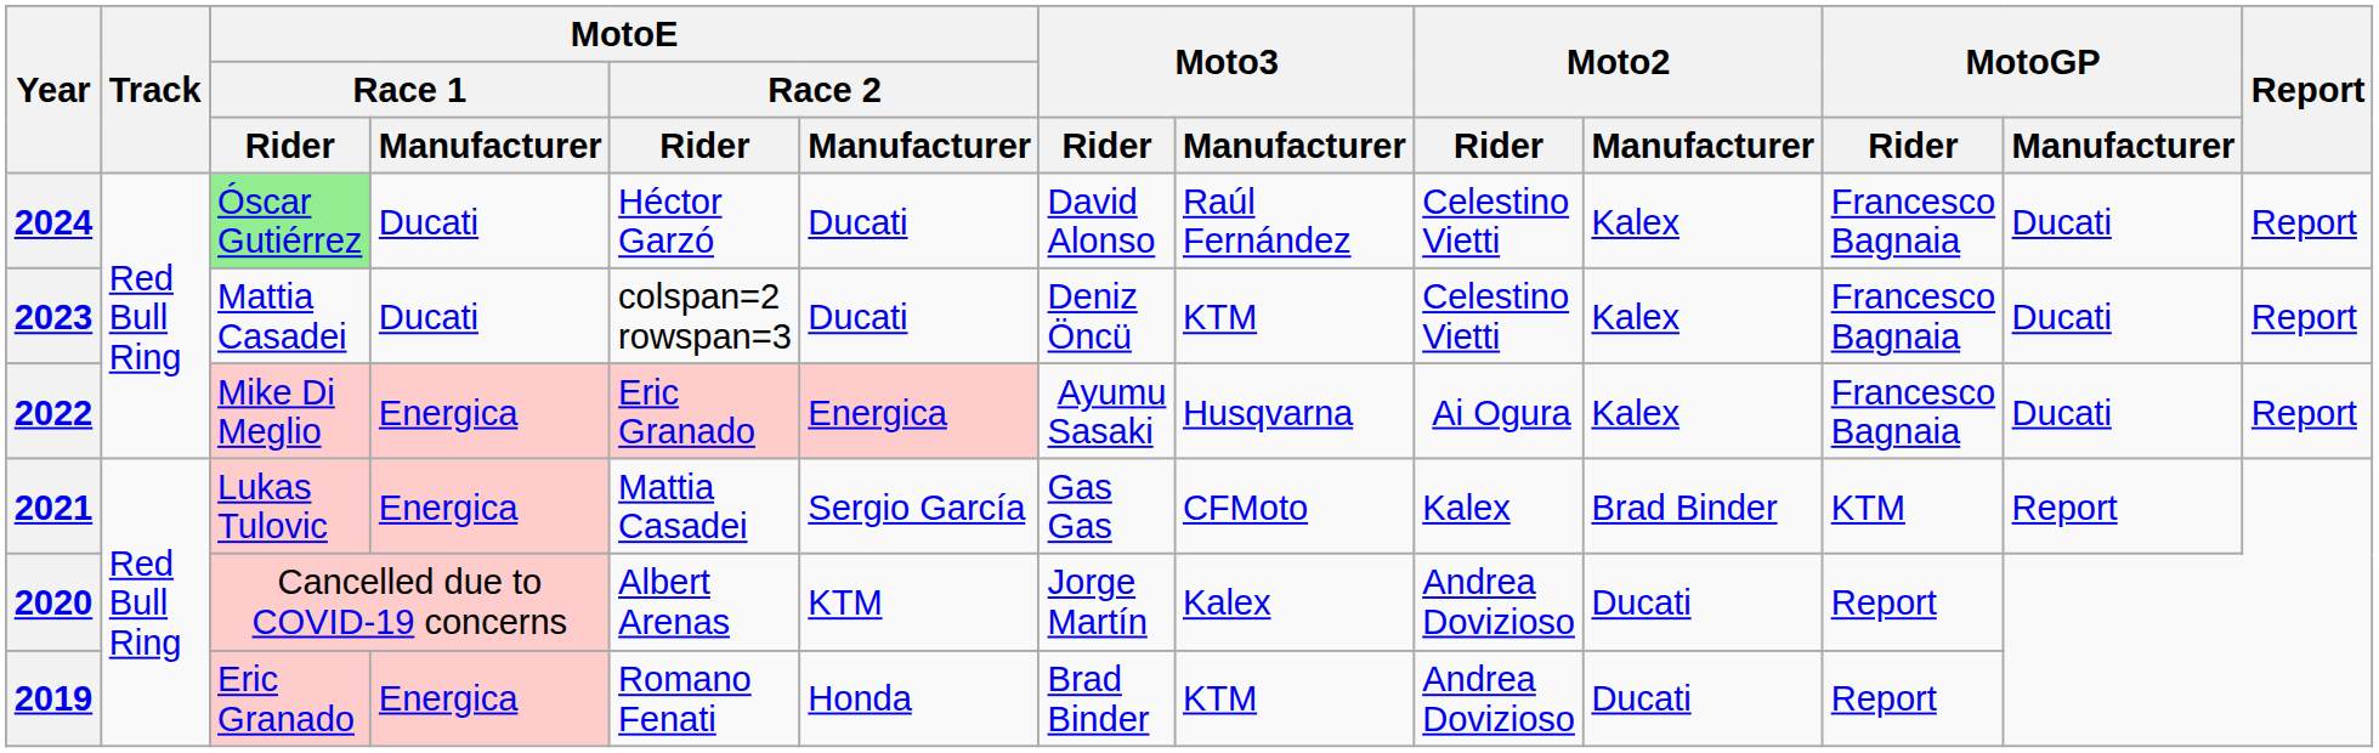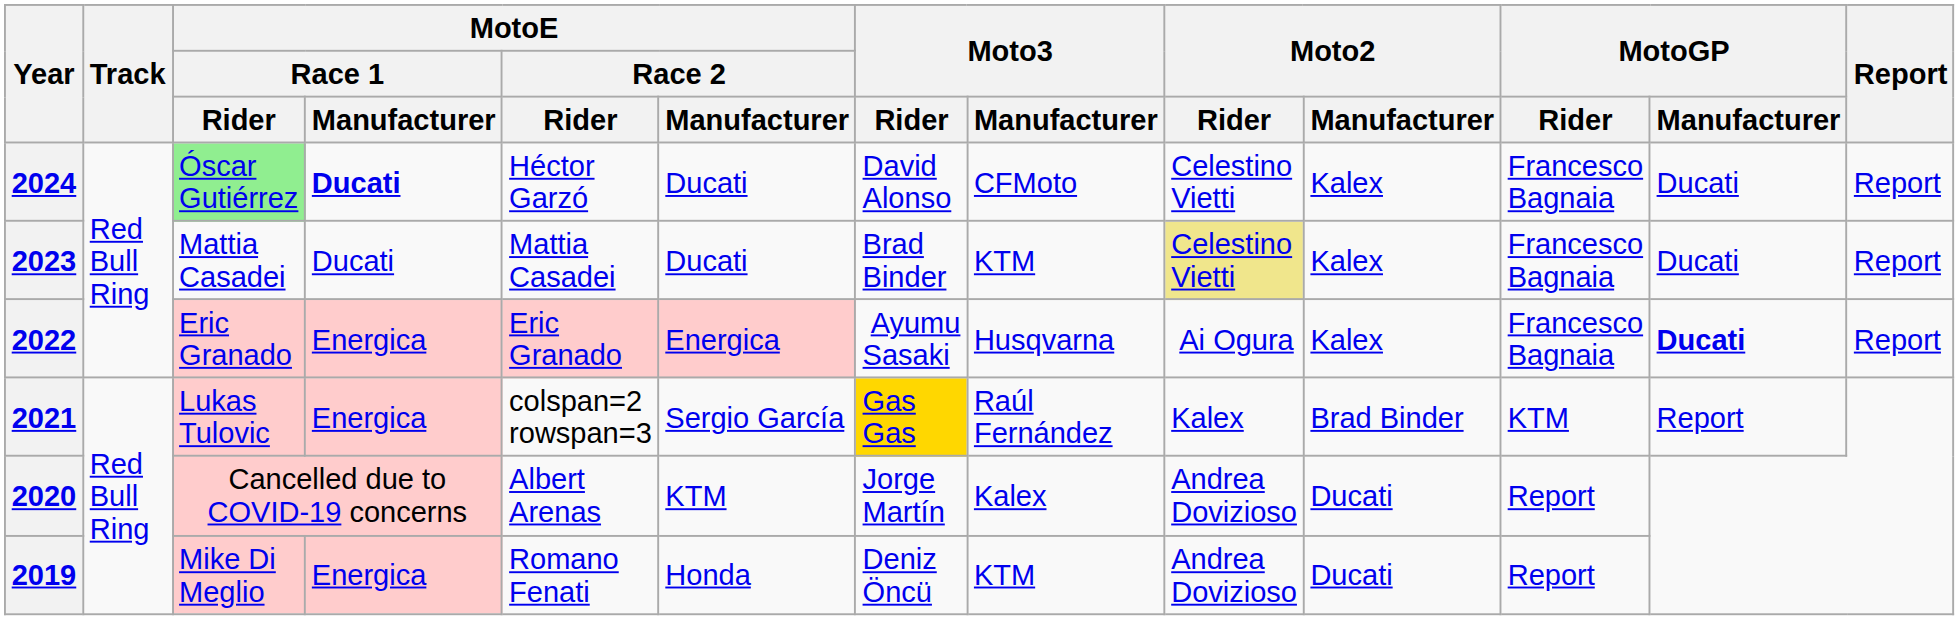 <table class="wikitable" style="font-size: 95%;">
 <tr>
 <th rowspan=3>Year</th>
 <th rowspan=3>Track</th>
 <th colspan=4>MotoE</th>
 <th colspan=2 rowspan=2>Moto3</th>
 <th colspan=2 rowspan=2>Moto2</th>
 <th colspan=2 rowspan=2>MotoGP</th>
 <th rowspan=3>Report</th>
 </tr>
 <tr>
 <th colspan=2>Race 1</th>
 <th colspan=2>Race 2</th>
 </tr>
 <tr>
 <th>Rider</th>
 <th>Manufacturer</th>
 <th>Rider</th>
 <th>Manufacturer</th>
 <th>Rider</th>
 <th>Manufacturer</th>
 <th>Rider</th>
 <th>Manufacturer</th>
 <th>Rider</th>
 <th>Manufacturer</th>
 </tr>
 <tr>
 <th><a href='#'>2024</a></th>
 <td rowspan=3><a href='#'>Red Bull Ring</a></td>
 <td style="background: lightgreen;"> <a href='#'>Óscar Gutiérrez</a></td>
-<td><a href='#'>Ducati</a></td>
+<td><strong><a href='#'>Ducati</a></strong></td>
 <td> <a href='#'>Héctor Garzó</a></td>
 <td><a href='#'>Ducati</a></td>
 <td> <a href='#'>David Alonso</a></td>
-<td> <a href='#'>Raúl Fernández</a></td>
+<td><a href='#'>CFMoto</a></td>
 <td> <a href='#'>Celestino Vietti</a></td>
 <td><a href='#'>Kalex</a></td>
 <td> <a href='#'>Francesco Bagnaia</a></td>
 <td><a href='#'>Ducati</a></td>
 <td><a href='#'>Report</a></td>
 </tr>
 <tr>
 <th><a href='#'>2023</a></th>
 <td> <a href='#'>Mattia Casadei</a></td>
 <td><a href='#'>Ducati</a></td>
-<td>colspan=2 rowspan=3</td>
+<td> <a href='#'>Mattia Casadei</a></td>
 <td><a href='#'>Ducati</a></td>
-<td> <a href='#'>Deniz Öncü</a></td>
+<td> <a href='#'>Brad Binder</a></td>
 <td><a href='#'>KTM</a></td>
-<td> <a href='#'>Celestino Vietti</a></td>
+<td style="background: khaki;"> <a href='#'>Celestino Vietti</a></td>
 <td><a href='#'>Kalex</a></td>
 <td> <a href='#'>Francesco Bagnaia</a></td>
 <td><a href='#'>Ducati</a></td>
 <td><a href='#'>Report</a></td>
 </tr>
 <tr>
 <th><a href='#'>2022</a></th>
-<td style="background:#FFCCCC;"> <a href='#'>Mike Di Meglio</a></td>
+<td style="background:#FFCCCC;"> <a href='#'>Eric Granado</a></td>
 <td style="background:#FFCCCC;"><a href='#'>Energica</a></td>
 <td style="background:#FFCCCC;"> <a href='#'>Eric Granado</a></td>
 <td style="background:#FFCCCC;"><a href='#'>Energica</a></td>
 <td> <a href='#'>Ayumu Sasaki</a></td>
 <td><a href='#'>Husqvarna</a></td>
 <td> <a href='#'>Ai Ogura</a></td>
 <td><a href='#'>Kalex</a></td>
 <td> <a href='#'>Francesco Bagnaia</a></td>
-<td><a href='#'>Ducati</a></td>
+<td><strong><a href='#'>Ducati</a></strong></td>
 <td><a href='#'>Report</a></td>
 </tr>
 <tr>
 <th><a href='#'>2021</a></th>
 <td rowspan="3"><a href='#'>Red Bull Ring</a></td>
 <td style="background:#FFCCCC;"> <a href='#'>Lukas Tulovic</a></td>
 <td style="background:#FFCCCC;"><a href='#'>Energica</a></td>
-<td> <a href='#'>Mattia Casadei</a></td>
+<td>colspan=2 rowspan=3</td>
 <td> <a href='#'>Sergio García</a></td>
-<td><a href='#'>Gas Gas</a></td>
-<td><a href='#'>CFMoto</a></td>
+<td style="background: gold;"><a href='#'>Gas Gas</a></td>
+<td> <a href='#'>Raúl Fernández</a></td>
 <td><a href='#'>Kalex</a></td>
 <td> <a href='#'>Brad Binder</a></td>
 <td><a href='#'>KTM</a></td>
 <td><a href='#'>Report</a></td>
 </tr>
 <tr>
 <th><a href='#'>2020</a></th>
 <td style="background:#FFCCCC;" align=center colspan=2>Cancelled due to <a href='#'>COVID-19</a> concerns</td>
 <td> <a href='#'>Albert Arenas</a></td>
 <td><a href='#'>KTM</a></td>
 <td> <a href='#'>Jorge Martín</a></td>
 <td><a href='#'>Kalex</a></td>
 <td> <a href='#'>Andrea Dovizioso</a></td>
 <td><a href='#'>Ducati</a></td>
 <td><a href='#'>Report</a></td>
 </tr>
 <tr>
 <th><a href='#'>2019</a></th>
-<td style="background:#FFCCCC;"> <a href='#'>Eric Granado</a></td>
+<td style="background:#FFCCCC;"> <a href='#'>Mike Di Meglio</a></td>
 <td style="background:#FFCCCC;"><a href='#'>Energica</a></td>
 <td> <a href='#'>Romano Fenati</a></td>
 <td><a href='#'>Honda</a></td>
-<td> <a href='#'>Brad Binder</a></td>
+<td> <a href='#'>Deniz Öncü</a></td>
 <td><a href='#'>KTM</a></td>
 <td> <a href='#'>Andrea Dovizioso</a></td>
 <td><a href='#'>Ducati</a></td>
 <td><a href='#'>Report</a></td>
 </tr>
 </table>
